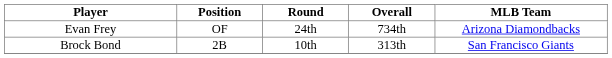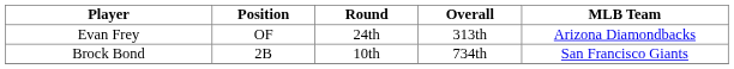 <table class="toccolours" border=1 style="text-align:center; border-collapse:collapse;">
 <tr>
 <th style="width:20%; ">Player</th>
 <th style="width:10%; ">Position</th>
 <th style="width:10%; ">Round</th>
 <th style="width:10%; ">Overall</th>
 <th style="width:20%; ">MLB Team</th>
 </tr>
 <tr>
 <td>Evan Frey</td>
 <td>OF</td>
 <td>24th</td>
-<td>734th</td>
+<td>313th</td>
 <td><a href='#'>Arizona Diamondbacks</a></td>
 </tr>
 <tr>
 <td>Brock Bond</td>
 <td>2B</td>
 <td>10th</td>
-<td>313th</td>
+<td>734th</td>
 <td><a href='#'>San Francisco Giants</a></td>
 </tr>
 <tr>
 </tr>
 </table>
